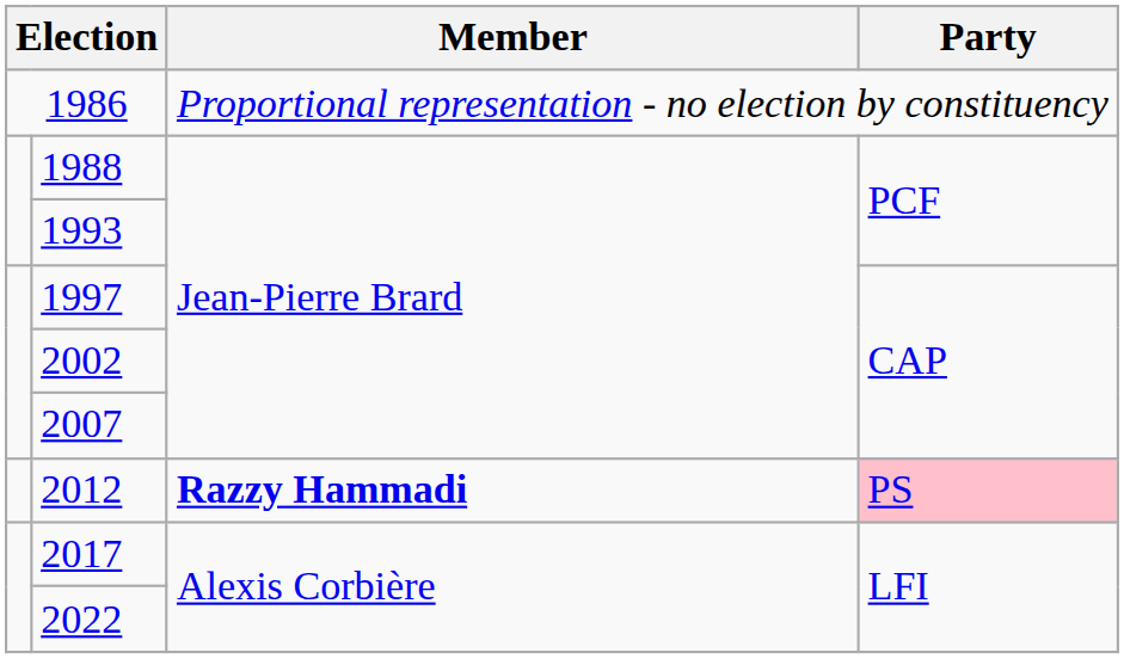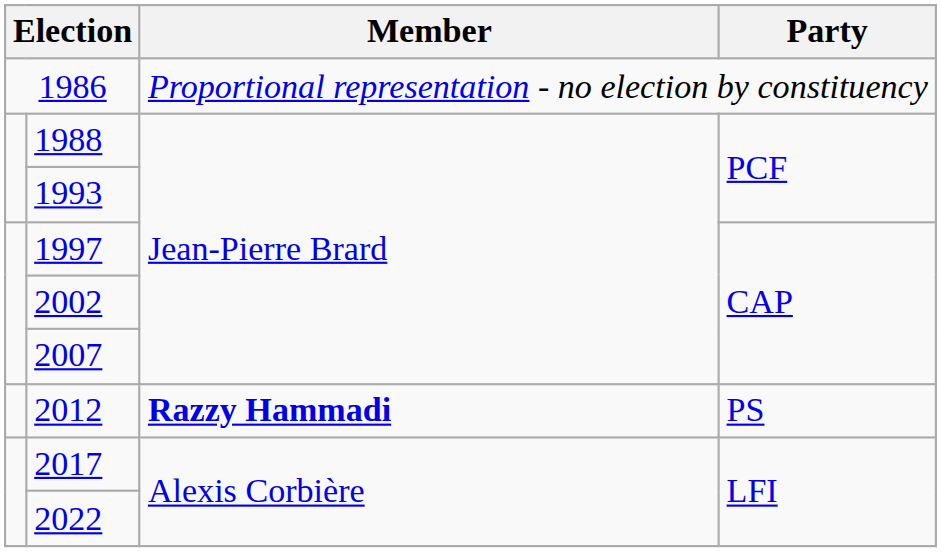 <table class="wikitable">
 <tr>
 <th colspan="2">Election</th>
 <th>Member</th>
 <th>Party</th>
 </tr>
 <tr>
 <td colspan="2" align="center"><a href='#'>1986</a></td>
 <td colspan="2"><em><a href='#'>Proportional representation</a> - no election by constituency</em></td>
 </tr>
 <tr>
 <td rowspan="2" style="color:inherit;background-color: "></td>
 <td><a href='#'>1988</a></td>
 <td rowspan="5"><a href='#'>Jean-Pierre Brard</a></td>
 <td rowspan="2"><a href='#'>PCF</a></td>
 </tr>
 <tr>
 <td><a href='#'>1993</a></td>
 </tr>
 <tr>
 <td rowspan="3" style="color:inherit;background-color: "></td>
 <td><a href='#'>1997</a></td>
 <td rowspan="3"><a href='#'>CAP</a></td>
 </tr>
 <tr>
 <td><a href='#'>2002</a></td>
 </tr>
 <tr>
 <td><a href='#'>2007</a></td>
 </tr>
 <tr>
 <td style="color:inherit;background:"></td>
 <td><a href='#'>2012</a></td>
 <td><strong><a href='#'>Razzy Hammadi</a></strong></td>
-<td style="background: pink;"><a href='#'>PS</a></td>
+<td><a href='#'>PS</a></td>
 </tr>
 <tr>
 <td rowspan="2" style="color:inherit;background:"></td>
 <td><a href='#'>2017</a></td>
 <td rowspan="2"><a href='#'>Alexis Corbière</a></td>
 <td rowspan="2"><a href='#'>LFI</a></td>
 </tr>
 <tr>
 <td><a href='#'>2022</a></td>
 </tr>
 </table>
